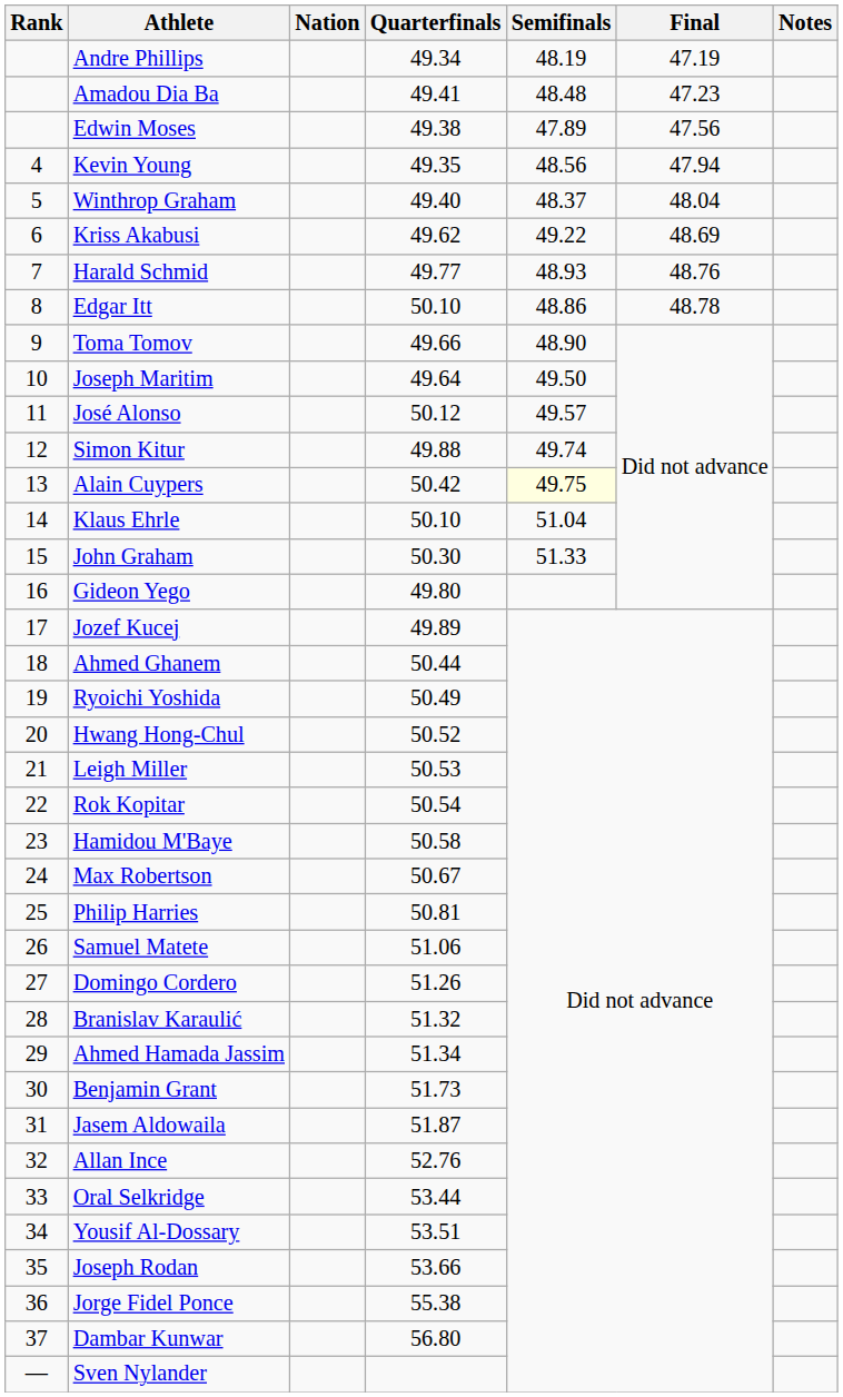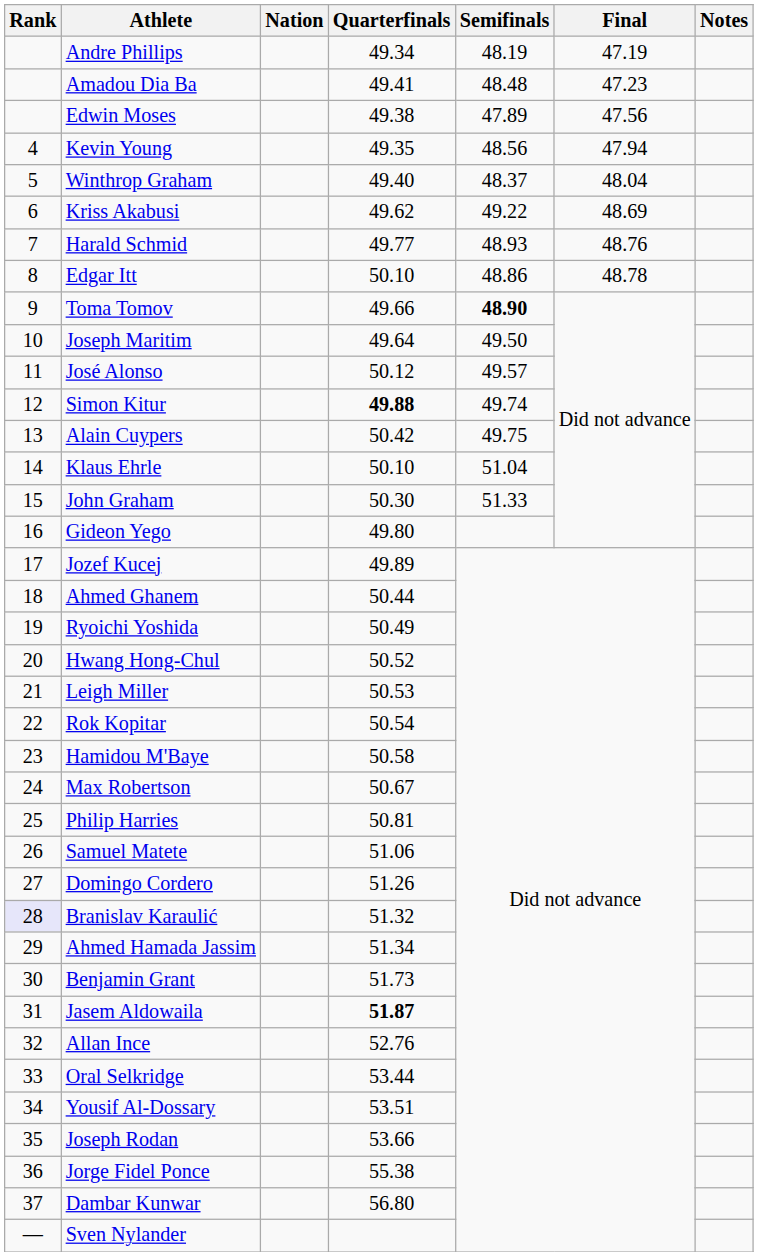 <table class="wikitable sortable" style="text-align:center">
 <tr>
 <th>Rank</th>
 <th>Athlete</th>
 <th>Nation</th>
 <th>Quarterfinals</th>
 <th>Semifinals</th>
 <th>Final</th>
 <th>Notes</th>
 </tr>
 <tr>
 <td></td>
 <td align=left><a href='#'>Andre Phillips</a></td>
 <td align=left></td>
 <td>49.34</td>
 <td>48.19</td>
 <td>47.19</td>
 <td></td>
 </tr>
 <tr>
 <td></td>
 <td align=left><a href='#'>Amadou Dia Ba</a></td>
 <td align=left></td>
 <td>49.41</td>
 <td>48.48</td>
 <td>47.23</td>
 <td><strong></strong></td>
 </tr>
 <tr>
 <td></td>
 <td align=left><a href='#'>Edwin Moses</a></td>
 <td align=left></td>
 <td>49.38</td>
 <td>47.89</td>
 <td>47.56</td>
 <td></td>
 </tr>
 <tr>
 <td>4</td>
 <td align=left><a href='#'>Kevin Young</a></td>
 <td align=left></td>
 <td>49.35</td>
 <td>48.56</td>
 <td>47.94</td>
 <td></td>
 </tr>
 <tr>
 <td>5</td>
 <td align=left><a href='#'>Winthrop Graham</a></td>
 <td align=left></td>
 <td>49.40</td>
 <td>48.37</td>
 <td>48.04</td>
 <td></td>
 </tr>
 <tr>
 <td>6</td>
 <td align=left><a href='#'>Kriss Akabusi</a></td>
 <td align=left></td>
 <td>49.62</td>
 <td>49.22</td>
 <td>48.69</td>
 <td></td>
 </tr>
 <tr>
 <td>7</td>
 <td align=left><a href='#'>Harald Schmid</a></td>
 <td align=left></td>
 <td>49.77</td>
 <td>48.93</td>
 <td>48.76</td>
 <td></td>
 </tr>
 <tr>
 <td>8</td>
 <td align=left><a href='#'>Edgar Itt</a></td>
 <td align=left></td>
 <td>50.10</td>
 <td>48.86</td>
 <td>48.78</td>
 <td></td>
 </tr>
 <tr>
 <td>9</td>
 <td align=left><a href='#'>Toma Tomov</a></td>
 <td align=left></td>
 <td>49.66</td>
-<td>48.90</td>
+<td><strong>48.90</strong></td>
 <td rowspan=8 data-sort-value=99.99>Did not advance</td>
 <td></td>
 </tr>
 <tr>
 <td>10</td>
 <td align=left><a href='#'>Joseph Maritim</a></td>
 <td align=left></td>
 <td>49.64</td>
 <td>49.50</td>
 <td></td>
 </tr>
 <tr>
 <td>11</td>
 <td align=left><a href='#'>José Alonso</a></td>
 <td align=left></td>
 <td>50.12</td>
 <td>49.57</td>
 <td></td>
 </tr>
 <tr>
 <td>12</td>
 <td align=left><a href='#'>Simon Kitur</a></td>
 <td align=left></td>
-<td>49.88</td>
+<td><strong>49.88</strong></td>
 <td>49.74</td>
 <td></td>
 </tr>
 <tr>
 <td>13</td>
 <td align=left><a href='#'>Alain Cuypers</a></td>
 <td align=left></td>
 <td>50.42</td>
-<td style="background: lightyellow;">49.75</td>
+<td>49.75</td>
 <td></td>
 </tr>
 <tr>
 <td>14</td>
 <td align=left><a href='#'>Klaus Ehrle</a></td>
 <td align=left></td>
 <td>50.10</td>
 <td>51.04</td>
 <td></td>
 </tr>
 <tr>
 <td>15</td>
 <td align=left><a href='#'>John Graham</a></td>
 <td align=left></td>
 <td>50.30</td>
 <td>51.33</td>
 <td></td>
 </tr>
 <tr>
 <td>16</td>
 <td align=left><a href='#'>Gideon Yego</a></td>
 <td align=left></td>
 <td>49.80</td>
 <td data-sort-value=80.00></td>
 <td></td>
 </tr>
 <tr>
 <td>17</td>
 <td align=left><a href='#'>Jozef Kucej</a></td>
 <td align=left></td>
 <td>49.89</td>
 <td rowspan=22 colspan=2 data-sort-value=99.99>Did not advance</td>
 <td></td>
 </tr>
 <tr>
 <td>18</td>
 <td align=left><a href='#'>Ahmed Ghanem</a></td>
 <td align=left></td>
 <td>50.44</td>
 <td></td>
 </tr>
 <tr>
 <td>19</td>
 <td align=left><a href='#'>Ryoichi Yoshida</a></td>
 <td align=left></td>
 <td>50.49</td>
 <td></td>
 </tr>
 <tr>
 <td>20</td>
 <td align=left><a href='#'>Hwang Hong-Chul</a></td>
 <td align=left></td>
 <td>50.52</td>
 <td></td>
 </tr>
 <tr>
 <td>21</td>
 <td align=left><a href='#'>Leigh Miller</a></td>
 <td align=left></td>
 <td>50.53</td>
 <td></td>
 </tr>
 <tr>
 <td>22</td>
 <td align=left><a href='#'>Rok Kopitar</a></td>
 <td align=left></td>
 <td>50.54</td>
 <td></td>
 </tr>
 <tr>
 <td>23</td>
 <td align=left><a href='#'>Hamidou M'Baye</a></td>
 <td align=left></td>
 <td>50.58</td>
 <td></td>
 </tr>
 <tr>
 <td>24</td>
 <td align=left><a href='#'>Max Robertson</a></td>
 <td align=left></td>
 <td>50.67</td>
 <td></td>
 </tr>
 <tr>
 <td>25</td>
 <td align=left><a href='#'>Philip Harries</a></td>
 <td align=left></td>
 <td>50.81</td>
 <td></td>
 </tr>
 <tr>
 <td>26</td>
 <td align=left><a href='#'>Samuel Matete</a></td>
 <td align=left></td>
 <td>51.06</td>
 <td></td>
 </tr>
 <tr>
 <td>27</td>
 <td align=left><a href='#'>Domingo Cordero</a></td>
 <td align=left></td>
 <td>51.26</td>
 <td></td>
 </tr>
 <tr>
-<td>28</td>
+<td style="background: lavender;">28</td>
 <td align=left><a href='#'>Branislav Karaulić</a></td>
 <td align=left></td>
 <td>51.32</td>
 <td></td>
 </tr>
 <tr>
 <td>29</td>
 <td align=left><a href='#'>Ahmed Hamada Jassim</a></td>
 <td align=left></td>
 <td>51.34</td>
 <td></td>
 </tr>
 <tr>
 <td>30</td>
 <td align=left><a href='#'>Benjamin Grant</a></td>
 <td align=left></td>
 <td>51.73</td>
 <td></td>
 </tr>
 <tr>
 <td>31</td>
 <td align=left><a href='#'>Jasem Aldowaila</a></td>
 <td align=left></td>
-<td>51.87</td>
+<td><strong>51.87</strong></td>
 <td></td>
 </tr>
 <tr>
 <td>32</td>
 <td align=left><a href='#'>Allan Ince</a></td>
 <td align=left></td>
 <td>52.76</td>
 <td></td>
 </tr>
 <tr>
 <td>33</td>
 <td align=left><a href='#'>Oral Selkridge</a></td>
 <td align=left></td>
 <td>53.44</td>
 <td></td>
 </tr>
 <tr>
 <td>34</td>
 <td align=left><a href='#'>Yousif Al-Dossary</a></td>
 <td align=left></td>
 <td>53.51</td>
 <td></td>
 </tr>
 <tr>
 <td>35</td>
 <td align=left><a href='#'>Joseph Rodan</a></td>
 <td align=left></td>
 <td>53.66</td>
 <td></td>
 </tr>
 <tr>
 <td>36</td>
 <td align=left><a href='#'>Jorge Fidel Ponce</a></td>
 <td align=left></td>
 <td>55.38</td>
 <td></td>
 </tr>
 <tr>
 <td>37</td>
 <td align=left><a href='#'>Dambar Kunwar</a></td>
 <td align=left></td>
 <td>56.80</td>
 <td></td>
 </tr>
 <tr>
 <td data-sort-value=38>—</td>
 <td align=left><a href='#'>Sven Nylander</a></td>
 <td align=left></td>
 <td data-sort-value=90.00></td>
 <td></td>
 </tr>
 </table>
